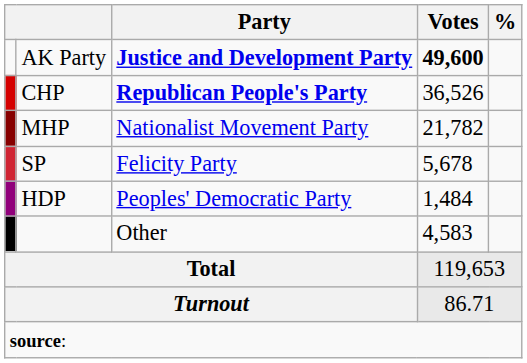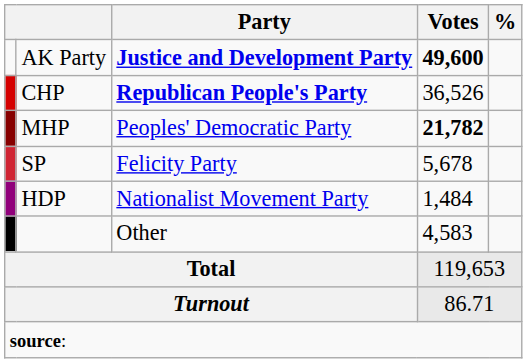 <table class="wikitable">
 <tr>
 <th colspan="2" align="center"></th>
 <th align="center">Party</th>
 <th align="center">Votes</th>
 <th align="center">%</th>
 </tr>
 <tr align="left">
 <td></td>
 <td>AK Party</td>
 <td><strong><a href='#'>Justice and Development Party</a></strong></td>
 <td><strong>49,600</strong></td>
 <td><strong></strong></td>
 </tr>
 <tr align="left">
 <td bgcolor="#d50000" width="1"></td>
 <td>CHP</td>
 <td><strong><a href='#'>Republican People's Party</a></strong></td>
 <td>36,526</td>
 <td></td>
 </tr>
 <tr align="left">
 <td bgcolor="#870000" width="1"></td>
 <td>MHP</td>
-<td><a href='#'>Nationalist Movement Party</a></td>
-<td>21,782</td>
+<td><a href='#'>Peoples' Democratic Party</a></td>
+<td><strong>21,782</strong></td>
 <td></td>
 </tr>
 <tr align="left">
 <td bgcolor="#D02433" width="1"></td>
 <td>SP</td>
 <td><a href='#'>Felicity Party</a></td>
 <td>5,678</td>
 <td></td>
 </tr>
 <tr align="left">
 <td bgcolor="#91007B" width="1"></td>
 <td>HDP</td>
-<td><a href='#'>Peoples' Democratic Party</a></td>
+<td><a href='#'>Nationalist Movement Party</a></td>
 <td>1,484</td>
 <td></td>
 </tr>
 <tr align="left">
 <td bgcolor=" " width="1"></td>
 <td></td>
 <td>Other</td>
 <td>4,583</td>
 <td></td>
 </tr>
 <tr align="left" style="background-color:#E9E9E9">
 <th colspan="3" align="center"><strong>Total</strong></th>
 <td colspan="5" align="center">119,653</td>
 </tr>
 <tr align="left" style="background-color:#E9E9E9">
 <th colspan="3" align="center"><em>Turnout</em></th>
 <td colspan="5" align="center">86.71</td>
 </tr>
 <tr>
 <td colspan="9" align="left"><small><strong>source</strong>: </small></td>
 </tr>
 </table>
